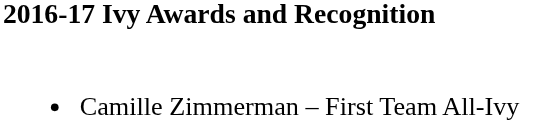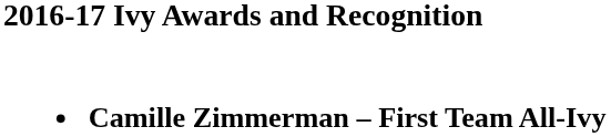 <table class="toccolours" style="border-collapse:collapse; font-size:90%;">
 <tr>
 <td colspan="1"><strong>2016-17 Ivy Awards and Recognition</strong></td>
 </tr>
 <tr>
-<td style="text-align: left; font-size: 95%;" valign="top"><br><ul><li>Camille Zimmerman – First Team All-Ivy</li></ul></td>
+<td style="text-align: left; font-size: 95%;" valign="top"><strong><br><ul><li>Camille Zimmerman – First Team All-Ivy</li></ul></strong></td>
 </tr>
 </table>
